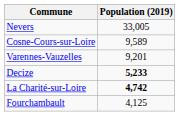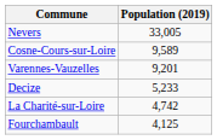 <table class=wikitable>
 <tr>
 <th>Commune</th>
 <th>Population (2019)</th>
 </tr>
 <tr>
 <td><a href='#'>Nevers</a></td>
 <td style="text-align: center;">33,005</td>
 </tr>
 <tr>
 <td><a href='#'>Cosne-Cours-sur-Loire</a></td>
 <td style="text-align: center;">9,589</td>
 </tr>
 <tr>
 <td><a href='#'>Varennes-Vauzelles</a></td>
 <td style="text-align: center;">9,201</td>
 </tr>
 <tr>
 <td><a href='#'>Decize</a></td>
-<td style="text-align: center;"><strong>5,233</strong></td>
+<td style="text-align: center;">5,233</td>
 </tr>
 <tr>
 <td><a href='#'>La Charité-sur-Loire</a></td>
-<td style="text-align: center;"><strong>4,742</strong></td>
+<td style="text-align: center;">4,742</td>
 </tr>
 <tr>
 <td><a href='#'>Fourchambault</a></td>
 <td style="text-align: center;">4,125</td>
 </tr>
 </table>
